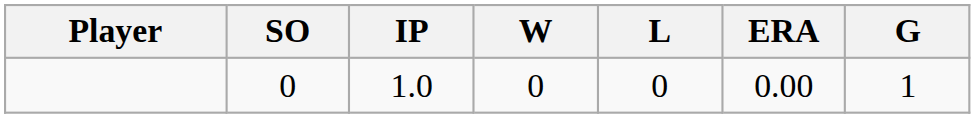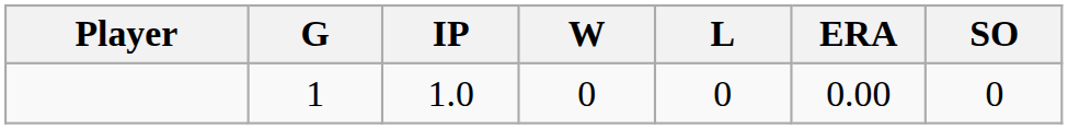 <table class="wikitable sortable">
 <tr>
 <th bgcolor="#DDDDFF" width="16%">Player</th>
-<th bgcolor="#DDDDFF" width="9%">SO</th>
+<th bgcolor="#DDDDFF" width="9%">G</th>
 <th bgcolor="#DDDDFF" width="9%">IP</th>
 <th bgcolor="#DDDDFF" width="9%">W</th>
 <th bgcolor="#DDDDFF" width="9%">L</th>
 <th bgcolor="#DDDDFF" width="9%">ERA</th>
-<th bgcolor="#DDDDFF" width="9%">G</th>
+<th bgcolor="#DDDDFF" width="9%">SO</th>
 </tr>
 <tr align="center">
 <td></td>
-<td>0</td>
+<td>1</td>
 <td>1.0</td>
 <td>0</td>
 <td>0</td>
 <td>0.00</td>
-<td>1</td>
+<td>0</td>
 </tr>
 </table>
